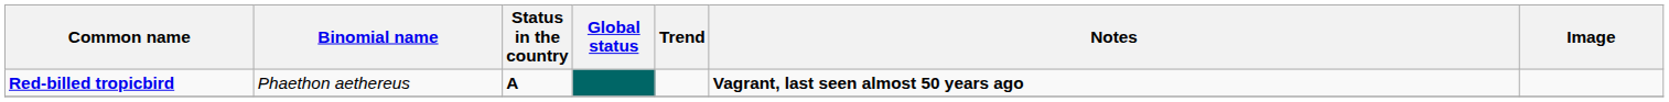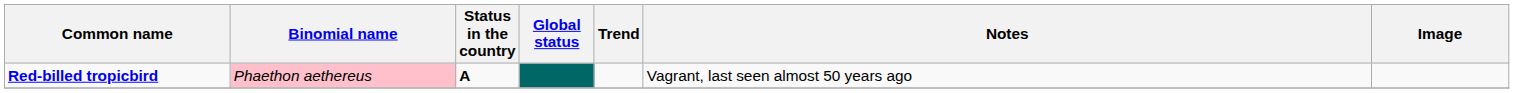 <table class="wikitable sortable">
 <tr>
 <th width="15%">Common name</th>
 <th width="15%"><a href='#'>Binomial name</a></th>
 <th width="1%">Status in the country</th>
 <th width="5%"><a href='#'>Global status</a></th>
 <th width="1%">Trend</th>
 <th class="unsortable">Notes</th>
 <th class="unsortable">Image</th>
 </tr>
 <tr>
 <td><strong><a href='#'>Red-billed tropicbird</a></strong></td>
-<td><em>Phaethon aethereus</em></td>
+<td style="background: pink;"><em>Phaethon aethereus</em></td>
 <td><strong>A</strong></td>
 <td align=center style="background: #006666"></td>
 <td align=center></td>
-<td><strong>Vagrant, last seen almost 50 years ago</strong></td>
+<td>Vagrant, last seen almost 50 years ago</td>
 <td></td>
 </tr>
 <tr>
 </tr>
 </table>
